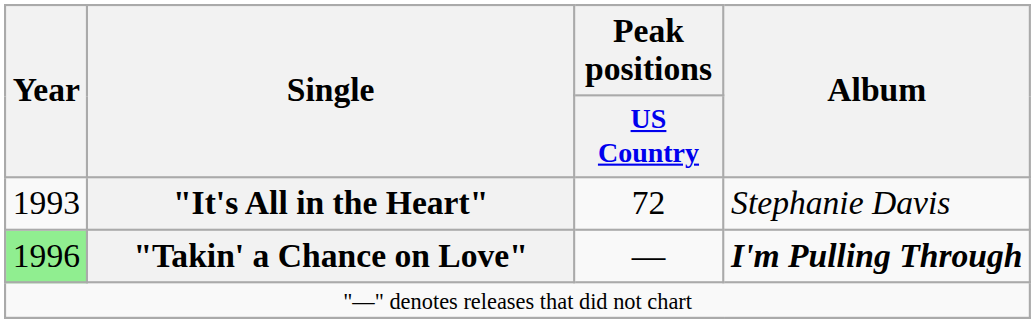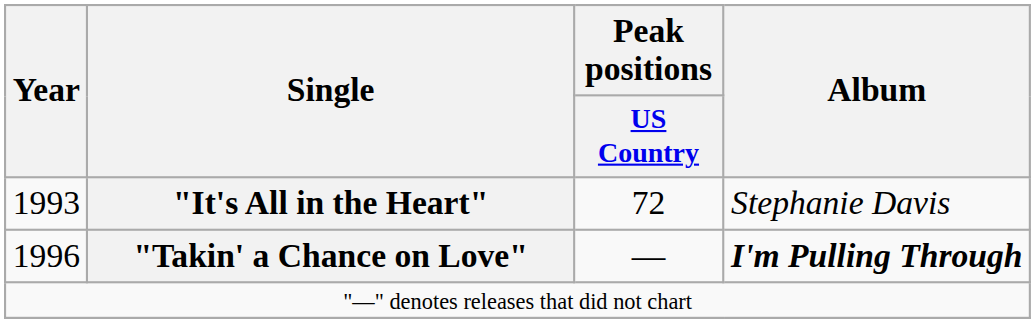 <table class="wikitable plainrowheaders" style="text-align:center;">
 <tr>
 <th rowspan="2">Year</th>
 <th rowspan="2" style="width:14em;">Single</th>
 <th>Peak positions</th>
 <th rowspan="2">Album</th>
 </tr>
 <tr style="font-size:smaller;">
 <th width="65"><a href='#'>US Country</a></th>
 </tr>
 <tr>
 <td>1993</td>
 <th scope="row">"It's All in the Heart"</th>
 <td>72</td>
 <td align="left"><em>Stephanie Davis</em></td>
 </tr>
 <tr>
-<td style="background: lightgreen;">1996</td>
+<td>1996</td>
 <th scope="row">"Takin' a Chance on Love"</th>
 <td>—</td>
 <td align="left"><strong><em>I'm Pulling Through</em></strong></td>
 </tr>
 <tr>
 <td colspan="10" style="font-size:8pt">"—" denotes releases that did not chart</td>
 </tr>
 <tr>
 </tr>
 </table>
